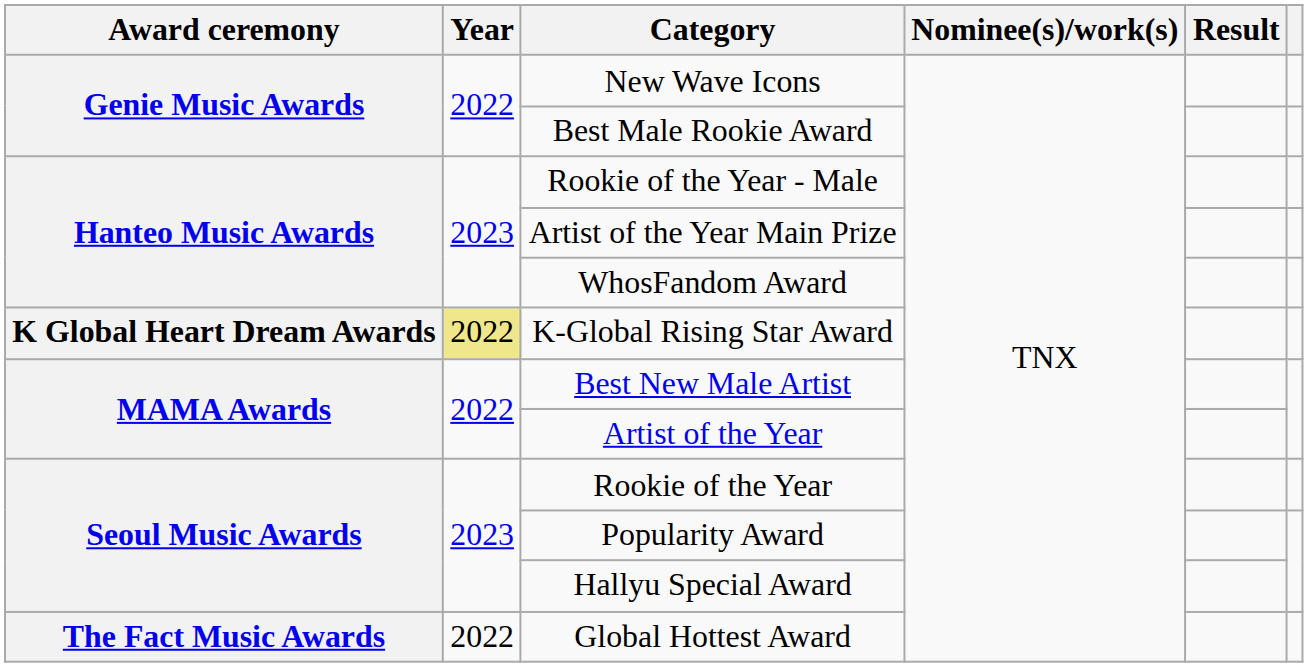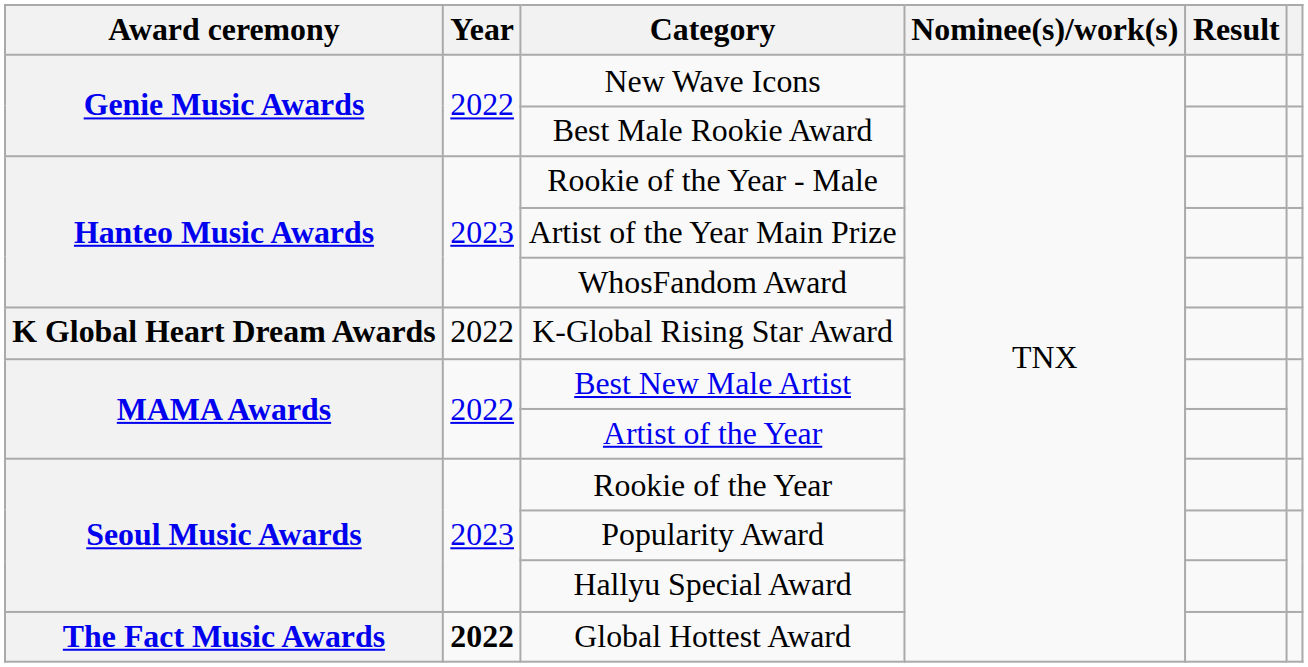 <table class="wikitable sortable plainrowheaders" style="text-align:center">
 <tr>
 <th scope="col">Award ceremony</th>
 <th scope="col">Year</th>
 <th scope="col">Category</th>
 <th scope="col">Nominee(s)/work(s)</th>
 <th scope="col">Result</th>
 <th scope="col" class="unsortable"></th>
 </tr>
 <tr>
 <th scope="row" rowspan="2"><a href='#'>Genie Music Awards</a></th>
 <td rowspan="2"><a href='#'>2022</a></td>
 <td>New Wave Icons</td>
 <td rowspan="12">TNX</td>
 <td></td>
 <td></td>
 </tr>
 <tr>
 <td>Best Male Rookie Award</td>
 <td></td>
 <td></td>
 </tr>
 <tr>
 <th rowspan="3" scope="row"><a href='#'>Hanteo Music Awards</a></th>
 <td rowspan="3"><a href='#'>2023</a></td>
 <td>Rookie of the Year - Male</td>
 <td></td>
 <td style="text-align:center"></td>
 </tr>
 <tr>
 <td>Artist of the Year Main Prize</td>
 <td></td>
 <td></td>
 </tr>
 <tr>
 <td>WhosFandom Award</td>
 <td></td>
 <td></td>
 </tr>
 <tr>
 <th scope="row">K Global Heart Dream Awards</th>
-<td style="background: khaki;">2022</td>
+<td>2022</td>
 <td>K-Global Rising Star Award</td>
 <td></td>
 <td></td>
 </tr>
 <tr>
 <th scope="row" rowspan="2"><a href='#'>MAMA Awards</a></th>
 <td rowspan="2"><a href='#'>2022</a></td>
 <td><a href='#'>Best New Male Artist</a></td>
 <td></td>
 <td rowspan="2"></td>
 </tr>
 <tr>
 <td><a href='#'>Artist of the Year</a></td>
 <td></td>
 </tr>
 <tr>
 <th rowspan="3" scope="row"><a href='#'>Seoul Music Awards</a></th>
 <td rowspan="3"><a href='#'>2023</a></td>
 <td>Rookie of the Year</td>
 <td></td>
 <td></td>
 </tr>
 <tr>
 <td>Popularity Award</td>
 <td></td>
 <td rowspan="2"></td>
 </tr>
 <tr>
 <td>Hallyu Special Award</td>
 <td></td>
 </tr>
 <tr>
 <th scope="row"><a href='#'>The Fact Music Awards</a></th>
-<td>2022</td>
+<td><strong>2022</strong></td>
 <td>Global Hottest Award</td>
 <td></td>
 <td></td>
 </tr>
 </table>
